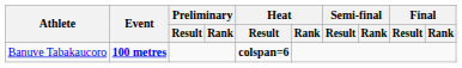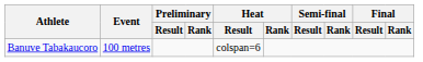 <table class=wikitable style=font-size:90%>
 <tr>
 <th rowspan=2>Athlete</th>
 <th rowspan=2>Event</th>
 <th colspan=2>Preliminary</th>
 <th colspan=2>Heat</th>
 <th colspan=2>Semi-final</th>
 <th colspan=2>Final</th>
 </tr>
 <tr style=font-size:95%>
 <th>Result</th>
 <th>Rank</th>
 <th>Result</th>
 <th>Rank</th>
 <th>Result</th>
 <th>Rank</th>
 <th>Result</th>
 <th>Rank</th>
 </tr>
 <tr align=center>
 <td align=left><a href='#'>Banuve Tabakaucoro</a></td>
-<td align=left><strong><a href='#'>100 metres</a></strong></td>
+<td align=left><a href='#'>100 metres</a></td>
 <td colspan=2></td>
-<td><strong>colspan=6 </strong></td>
+<td>colspan=6 </td>
 </tr>
 </table>
